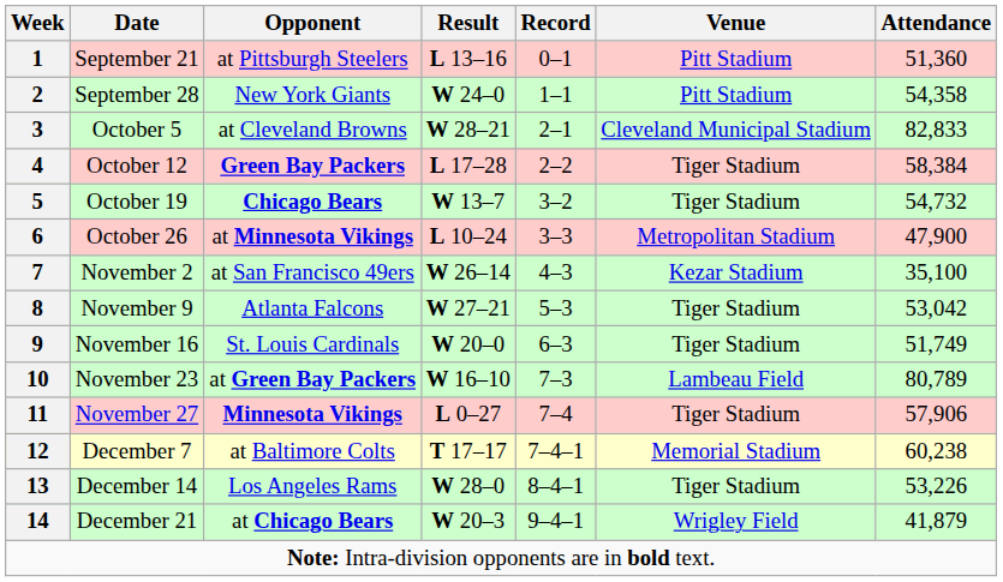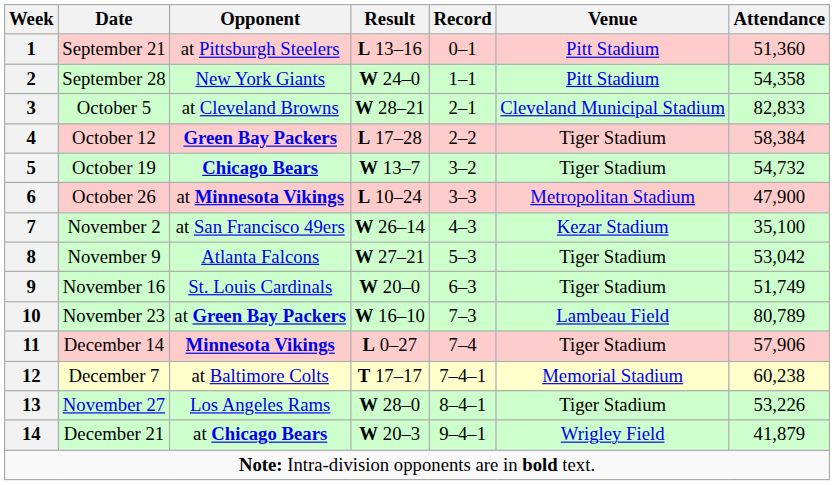 <table class="wikitable" style="text-align:center">
 <tr>
 <th>Week</th>
 <th>Date</th>
 <th>Opponent</th>
 <th>Result</th>
 <th>Record</th>
 <th>Venue</th>
 <th>Attendance</th>
 </tr>
 <tr style="background:#fcc">
 <th>1</th>
 <td>September 21</td>
 <td>at <a href='#'>Pittsburgh Steelers</a></td>
 <td><strong>L</strong> 13–16</td>
 <td>0–1</td>
 <td><a href='#'>Pitt Stadium</a></td>
 <td>51,360</td>
 </tr>
 <tr style="background:#cfc">
 <th>2</th>
 <td>September 28</td>
 <td><a href='#'>New York Giants</a></td>
 <td><strong>W</strong> 24–0</td>
 <td>1–1</td>
 <td><a href='#'>Pitt Stadium</a></td>
 <td>54,358</td>
 </tr>
 <tr style="background:#cfc">
 <th>3</th>
 <td>October 5</td>
 <td>at <a href='#'>Cleveland Browns</a></td>
 <td><strong>W</strong> 28–21</td>
 <td>2–1</td>
 <td><a href='#'>Cleveland Municipal Stadium</a></td>
 <td>82,833</td>
 </tr>
 <tr style="background:#fcc">
 <th>4</th>
 <td>October 12</td>
 <td><strong><a href='#'>Green Bay Packers</a></strong></td>
 <td><strong>L</strong> 17–28</td>
 <td>2–2</td>
 <td>Tiger Stadium</td>
 <td>58,384</td>
 </tr>
 <tr style="background:#cfc">
 <th>5</th>
 <td>October 19</td>
 <td><strong><a href='#'>Chicago Bears</a></strong></td>
 <td><strong>W</strong> 13–7</td>
 <td>3–2</td>
 <td>Tiger Stadium</td>
 <td>54,732</td>
 </tr>
 <tr style="background:#fcc">
 <th>6</th>
 <td>October 26</td>
 <td>at <strong><a href='#'>Minnesota Vikings</a></strong></td>
 <td><strong>L</strong> 10–24</td>
 <td>3–3</td>
 <td><a href='#'>Metropolitan Stadium</a></td>
 <td>47,900</td>
 </tr>
 <tr style="background:#cfc">
 <th>7</th>
 <td>November 2</td>
 <td>at <a href='#'>San Francisco 49ers</a></td>
 <td><strong>W</strong> 26–14</td>
 <td>4–3</td>
 <td><a href='#'>Kezar Stadium</a></td>
 <td>35,100</td>
 </tr>
 <tr style="background:#cfc">
 <th>8</th>
 <td>November 9</td>
 <td><a href='#'>Atlanta Falcons</a></td>
 <td><strong>W</strong> 27–21</td>
 <td>5–3</td>
 <td>Tiger Stadium</td>
 <td>53,042</td>
 </tr>
 <tr style="background:#cfc">
 <th>9</th>
 <td>November 16</td>
 <td><a href='#'>St. Louis Cardinals</a></td>
 <td><strong>W</strong> 20–0</td>
 <td>6–3</td>
 <td>Tiger Stadium</td>
 <td>51,749</td>
 </tr>
 <tr style="background:#cfc">
 <th>10</th>
 <td>November 23</td>
 <td>at <strong><a href='#'>Green Bay Packers</a></strong></td>
 <td><strong>W</strong> 16–10</td>
 <td>7–3</td>
 <td><a href='#'>Lambeau Field</a></td>
 <td>80,789</td>
 </tr>
 <tr style="background:#fcc">
 <th>11</th>
-<td><a href='#'>November 27</a></td>
+<td>December 14</td>
 <td><strong><a href='#'>Minnesota Vikings</a></strong></td>
 <td><strong>L</strong> 0–27</td>
 <td>7–4</td>
 <td>Tiger Stadium</td>
 <td>57,906</td>
 </tr>
 <tr style="background:#ffc">
 <th>12</th>
 <td>December 7</td>
 <td>at <a href='#'>Baltimore Colts</a></td>
 <td><strong>T</strong> 17–17</td>
 <td>7–4–1</td>
 <td><a href='#'>Memorial Stadium</a></td>
 <td>60,238</td>
 </tr>
 <tr style="background:#cfc">
 <th>13</th>
-<td>December 14</td>
+<td><a href='#'>November 27</a></td>
 <td><a href='#'>Los Angeles Rams</a></td>
 <td><strong>W</strong> 28–0</td>
 <td>8–4–1</td>
 <td>Tiger Stadium</td>
 <td>53,226</td>
 </tr>
 <tr style="background:#cfc">
 <th>14</th>
 <td>December 21</td>
 <td>at <strong><a href='#'>Chicago Bears</a></strong></td>
 <td><strong>W</strong> 20–3</td>
 <td>9–4–1</td>
 <td><a href='#'>Wrigley Field</a></td>
 <td>41,879</td>
 </tr>
 <tr>
 <td colspan="8"><strong>Note:</strong> Intra-division opponents are in <strong>bold</strong> text.</td>
 </tr>
 </table>
